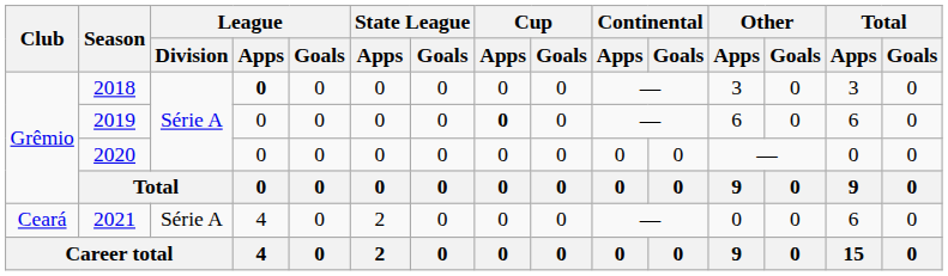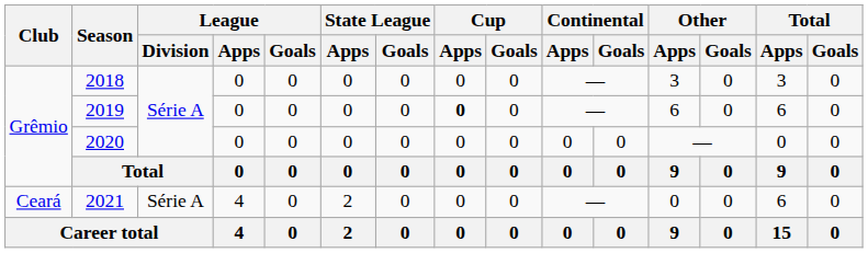 <table class="wikitable" style="text-align: center;">
 <tr>
 <th rowspan="2">Club</th>
 <th rowspan="2">Season</th>
 <th colspan="3">League</th>
 <th colspan="2">State League</th>
 <th colspan="2">Cup</th>
 <th colspan="2">Continental</th>
 <th colspan="2">Other</th>
 <th colspan="2">Total</th>
 </tr>
 <tr>
 <th>Division</th>
 <th>Apps</th>
 <th>Goals</th>
 <th>Apps</th>
 <th>Goals</th>
 <th>Apps</th>
 <th>Goals</th>
 <th>Apps</th>
 <th>Goals</th>
 <th>Apps</th>
 <th>Goals</th>
 <th>Apps</th>
 <th>Goals</th>
 </tr>
 <tr>
 <td rowspan="4" valign="center"><a href='#'>Grêmio</a></td>
 <td><a href='#'>2018</a></td>
 <td rowspan="3"><a href='#'>Série A</a></td>
-<td><strong>0</strong></td>
+<td>0</td>
 <td>0</td>
 <td>0</td>
 <td>0</td>
 <td>0</td>
 <td>0</td>
 <td colspan="2">—</td>
 <td>3</td>
 <td>0</td>
 <td>3</td>
 <td>0</td>
 </tr>
 <tr>
 <td><a href='#'>2019</a></td>
 <td>0</td>
 <td>0</td>
 <td>0</td>
 <td>0</td>
 <td><strong>0</strong></td>
 <td>0</td>
 <td colspan="2">—</td>
 <td>6</td>
 <td>0</td>
 <td>6</td>
 <td>0</td>
 </tr>
 <tr>
 <td><a href='#'>2020</a></td>
 <td>0</td>
 <td>0</td>
 <td>0</td>
 <td>0</td>
 <td>0</td>
 <td>0</td>
 <td>0</td>
 <td>0</td>
 <td colspan="2">—</td>
 <td>0</td>
 <td>0</td>
 </tr>
 <tr>
 <th colspan="2">Total</th>
 <th>0</th>
 <th>0</th>
 <th>0</th>
 <th>0</th>
 <th>0</th>
 <th>0</th>
 <th>0</th>
 <th>0</th>
 <th>9</th>
 <th>0</th>
 <th>9</th>
 <th>0</th>
 </tr>
 <tr>
 <td valign="center"><a href='#'>Ceará</a></td>
 <td><a href='#'>2021</a></td>
 <td>Série A</td>
 <td>4</td>
 <td>0</td>
 <td>2</td>
 <td>0</td>
 <td>0</td>
 <td>0</td>
 <td colspan="2">—</td>
 <td>0</td>
 <td>0</td>
 <td>6</td>
 <td>0</td>
 </tr>
 <tr>
 <th colspan="3"><strong>Career total</strong></th>
 <th>4</th>
 <th>0</th>
 <th>2</th>
 <th>0</th>
 <th>0</th>
 <th>0</th>
 <th>0</th>
 <th>0</th>
 <th>9</th>
 <th>0</th>
 <th>15</th>
 <th>0</th>
 </tr>
 </table>
